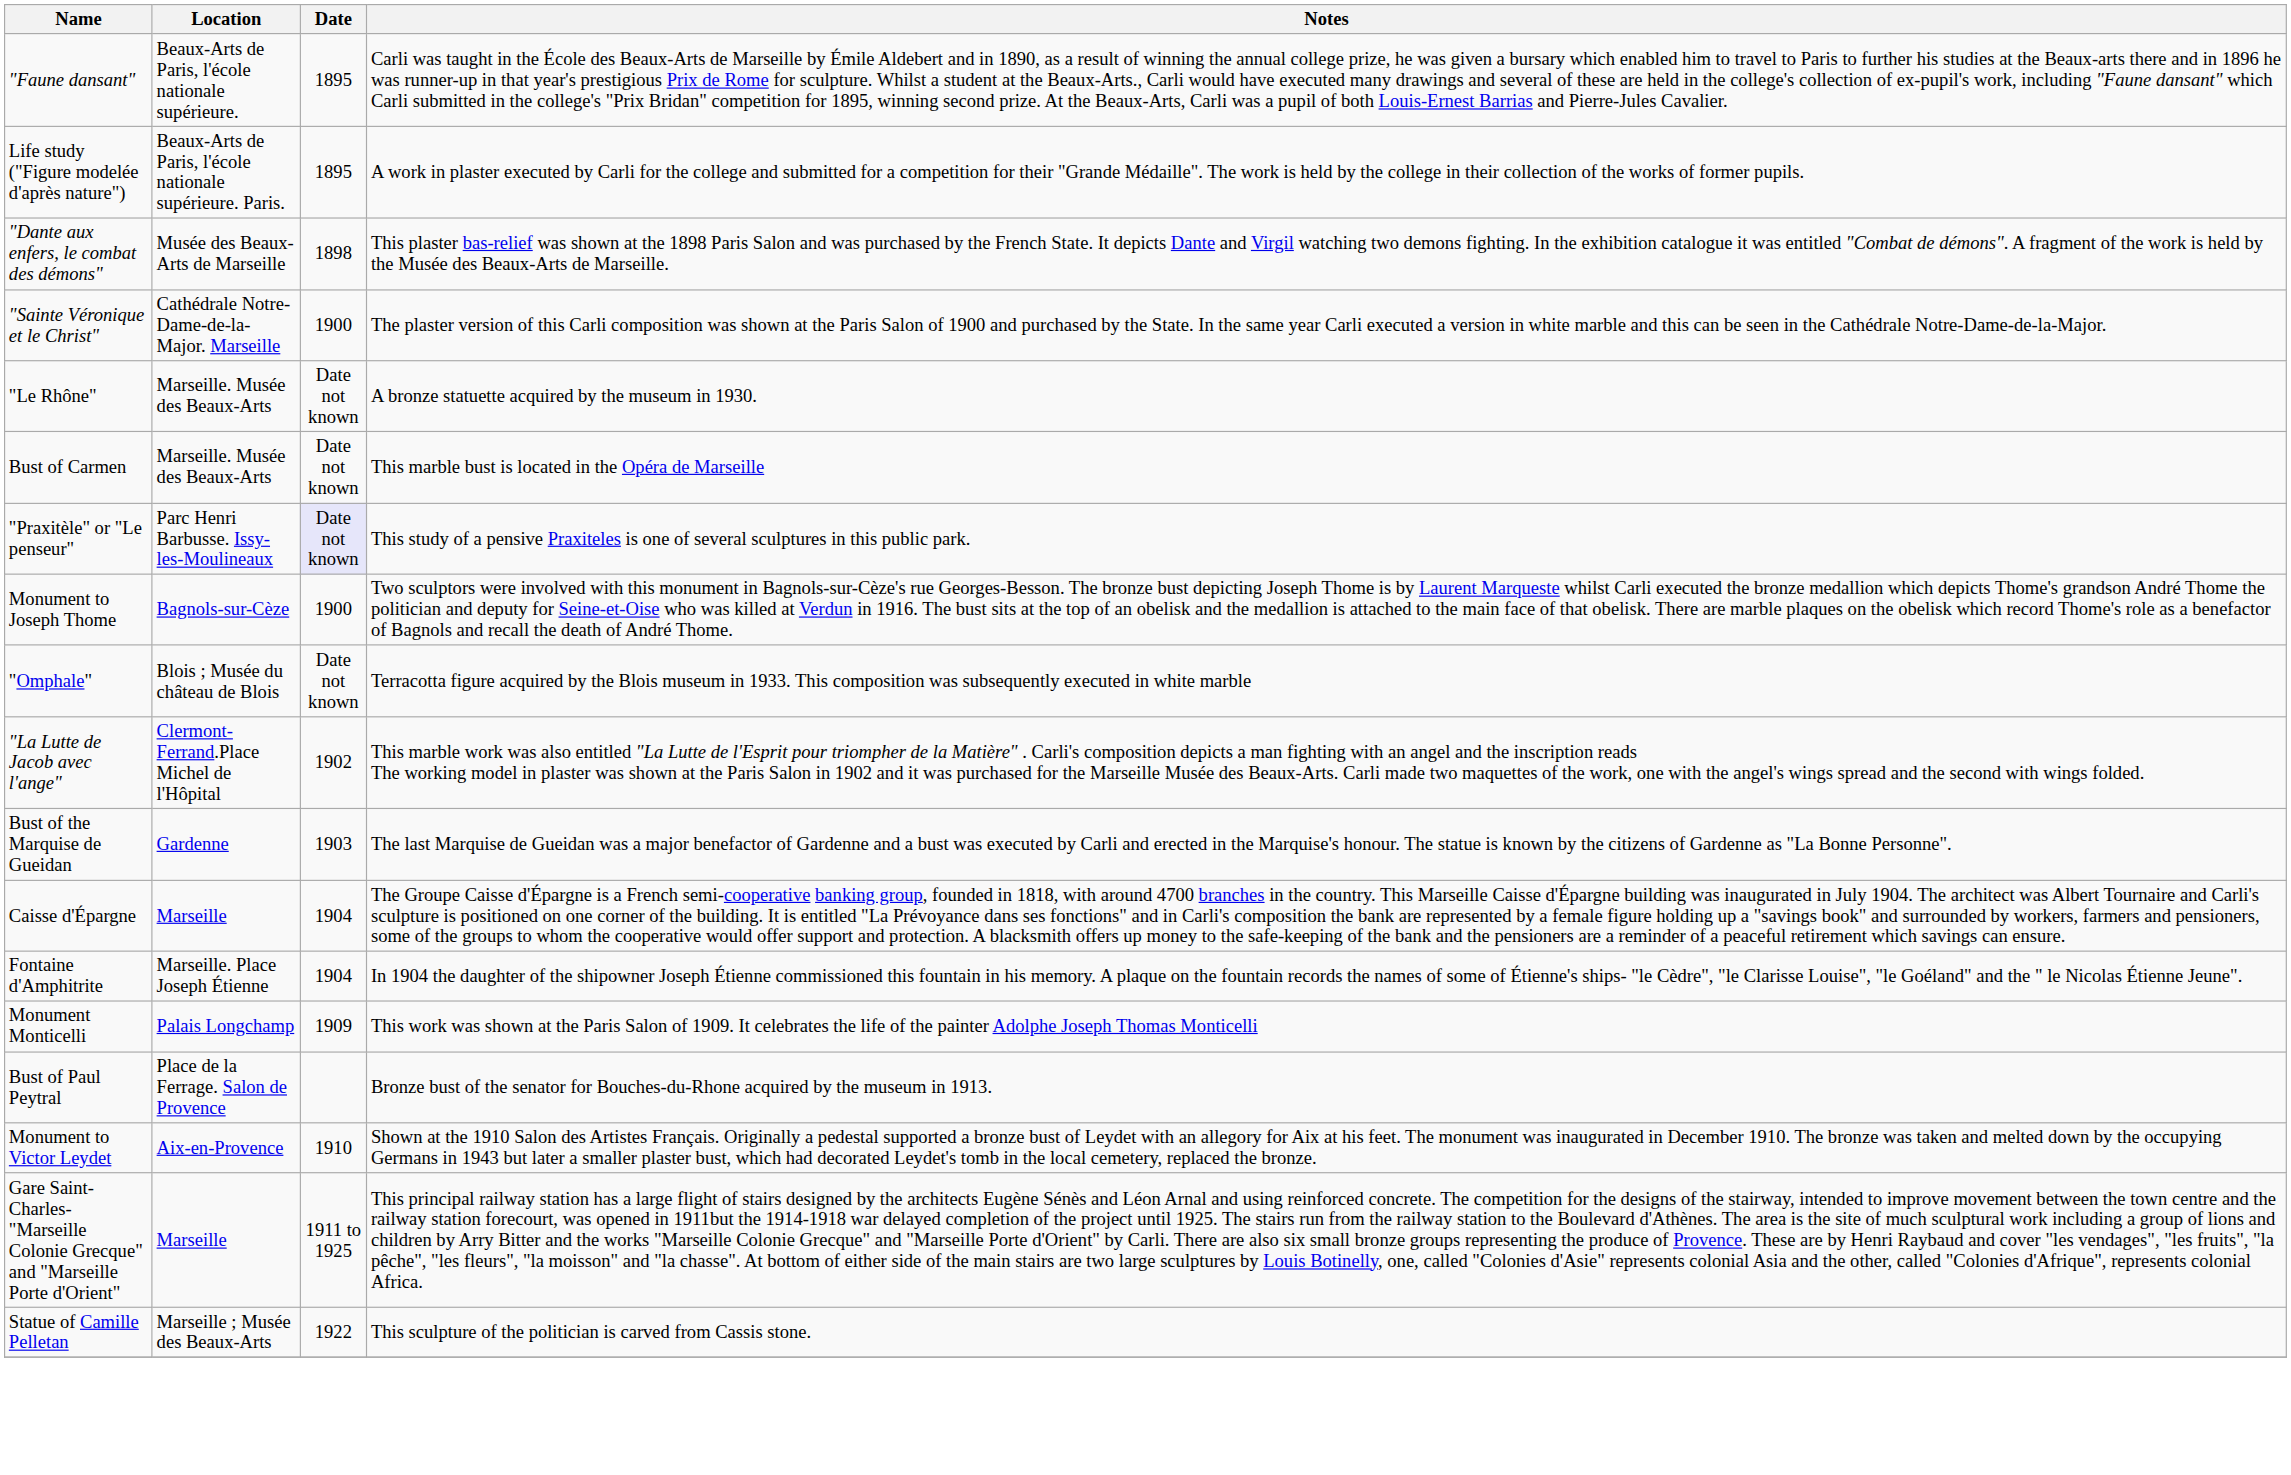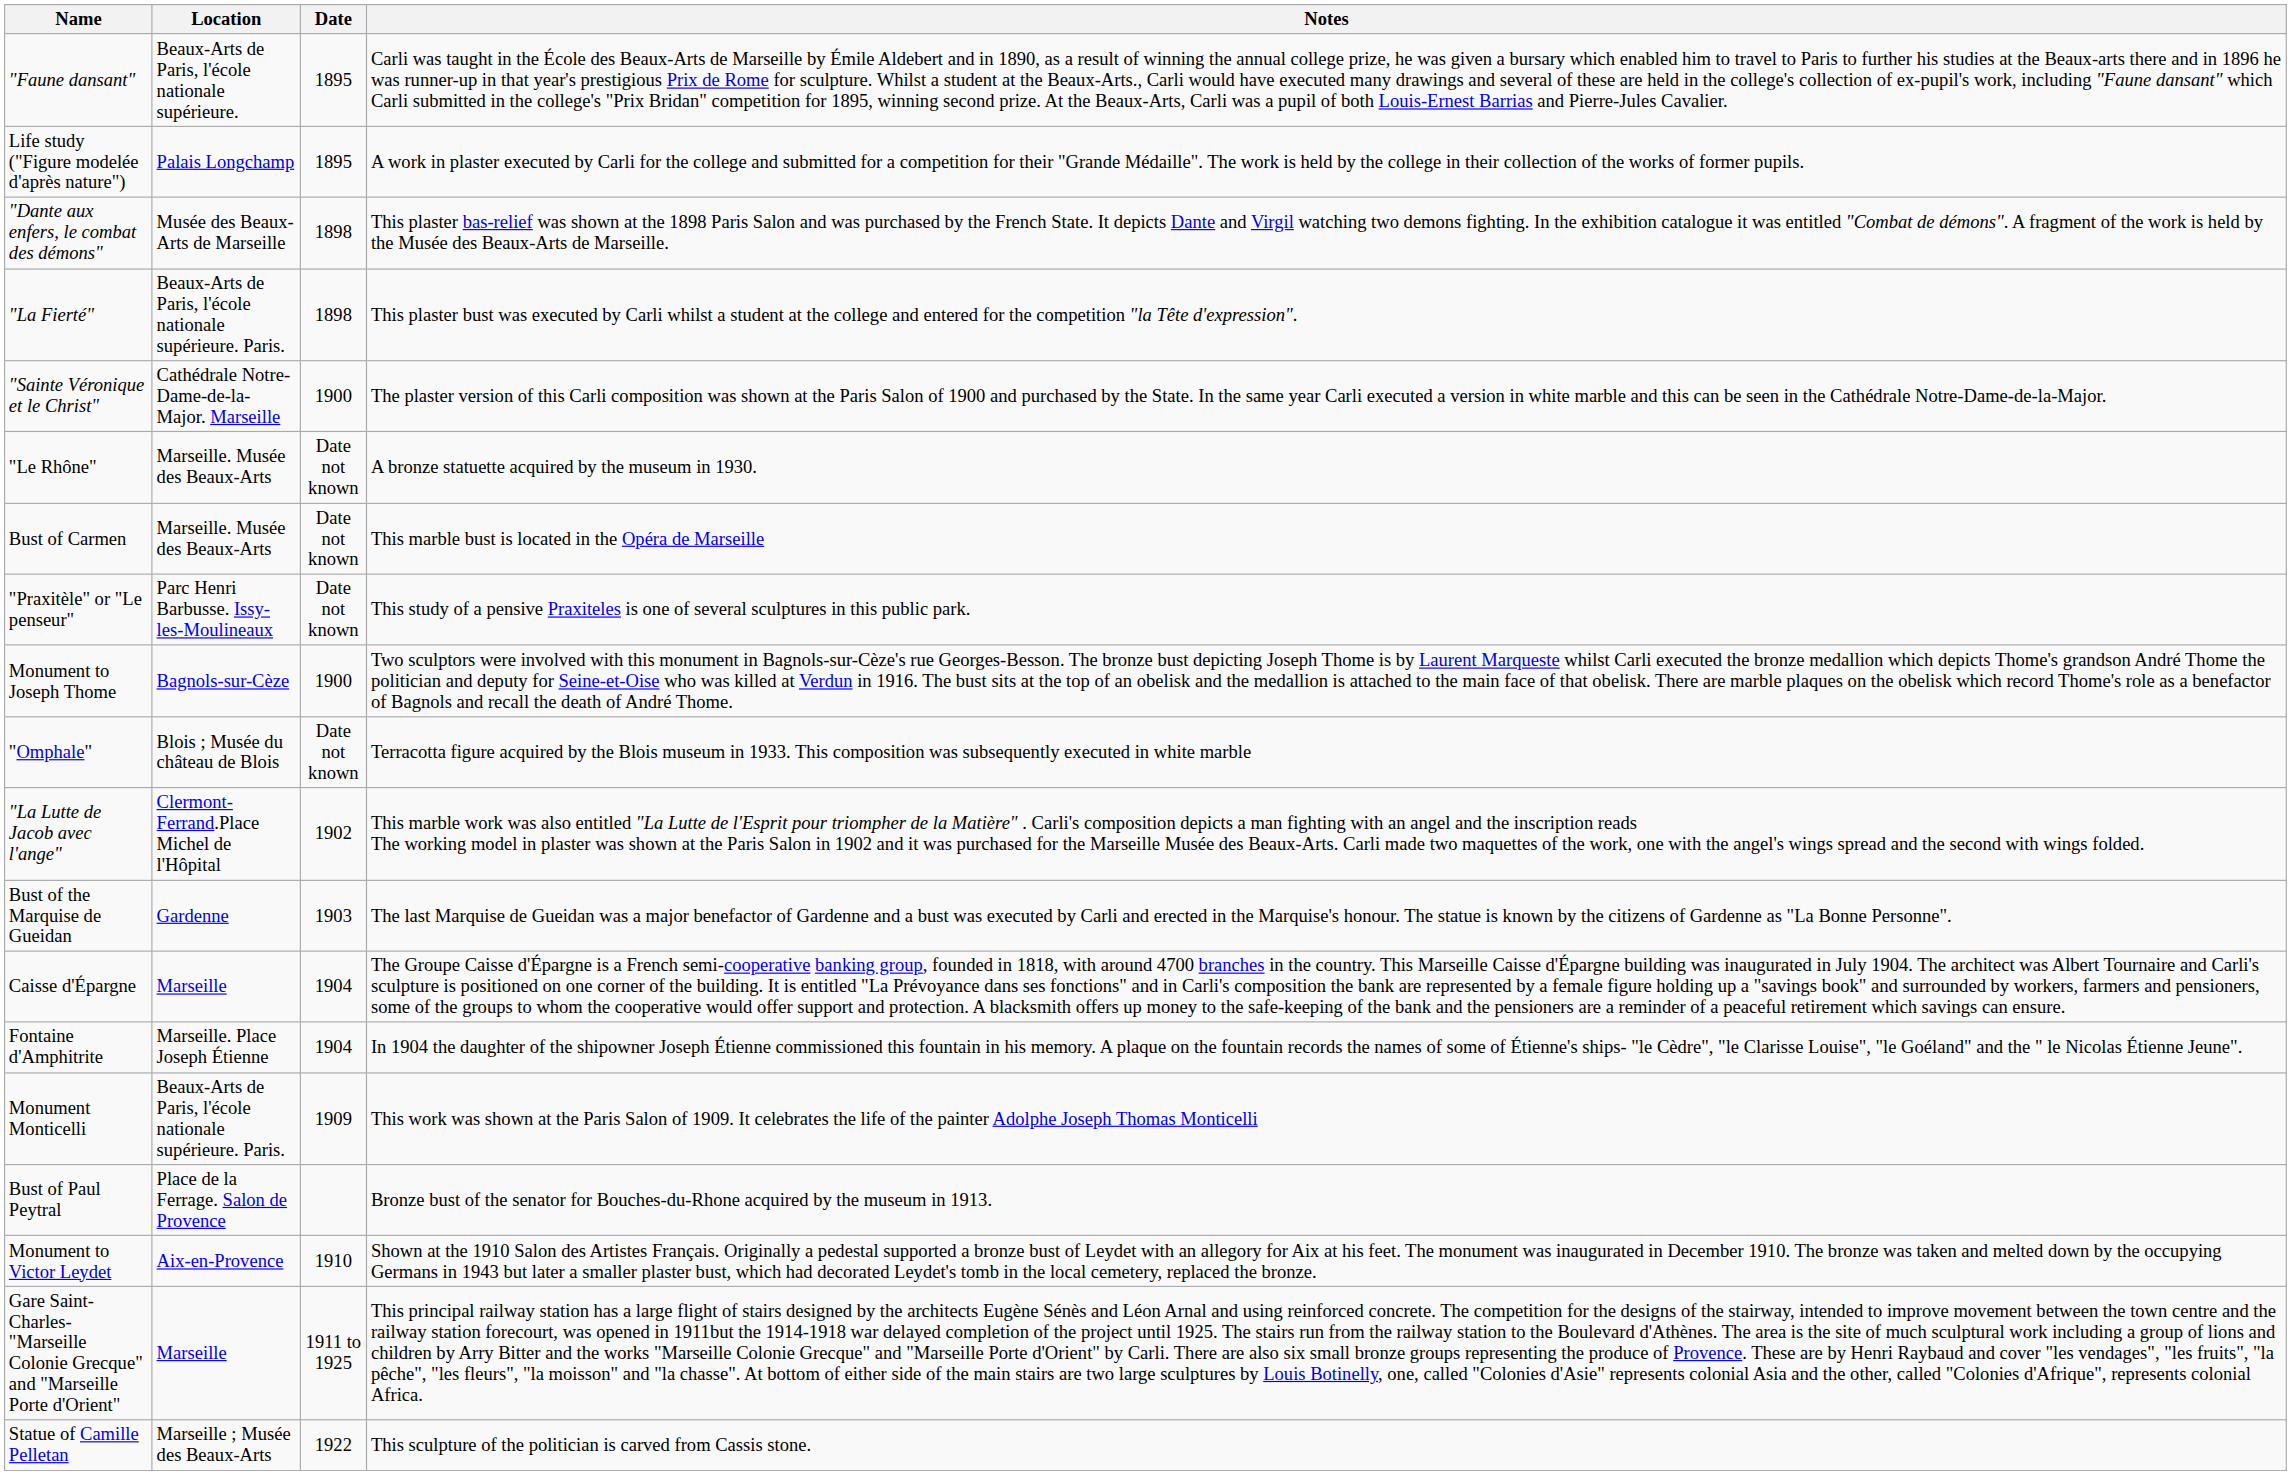 <table class="wikitable sortable plainrowheaders">
 <tr>
 <th style="width:120px">Name</th>
 <th style="width:120px">Location</th>
 <th style="width:50px">Date</th>
 <th class="unsortable">Notes</th>
 </tr>
 <tr>
 <td><em>"Faune dansant"</em></td>
 <td>Beaux-Arts de Paris, l'école nationale supérieure.</td>
 <td align="center">1895</td>
 <td>Carli was taught in the École des Beaux-Arts de Marseille by Émile Aldebert and in 1890, as a result of winning the annual college prize, he was given a bursary which enabled him to travel to Paris to further his studies at the Beaux-arts there and in 1896 he was runner-up in that year's prestigious  <a href='#'>Prix de Rome</a> for sculpture. Whilst a student at the Beaux-Arts., Carli would have executed many drawings and several of these are held in the college's collection of ex-pupil's work, including <em>"Faune dansant"</em> which Carli submitted in the college's "Prix Bridan" competition for 1895, winning second prize. At the Beaux-Arts, Carli was a pupil of both <a href='#'>Louis-Ernest Barrias</a> and Pierre-Jules Cavalier.<br></td>
 </tr>
 <tr>
 <td>Life study  ("Figure modelée d'après nature")</td>
-<td>Beaux-Arts de Paris, l'école nationale supérieure. Paris.</td>
+<td><a href='#'>Palais Longchamp</a></td>
 <td align="center">1895</td>
 <td>A work in plaster executed by Carli for the college and submitted for a competition for their "Grande Médaille".  The work is held by the college in their collection of the works of former pupils.<br></td>
 </tr>
 <tr>
 <td><em>"Dante aux enfers, le combat des démons"</em></td>
 <td>Musée des Beaux-Arts de Marseille</td>
 <td align="center">1898</td>
 <td>This plaster <a href='#'>bas-relief</a> was shown at the 1898 Paris Salon and was purchased by the French State. It depicts <a href='#'>Dante</a> and <a href='#'>Virgil</a> watching two demons fighting.  In the exhibition catalogue it was entitled <em>"Combat de démons"</em>. A fragment of the work is held by the Musée des Beaux-Arts de Marseille.<br> </td>
+</tr>
+<tr>
+<td><em>"La Fierté"</em></td>
+<td>Beaux-Arts de Paris, l'école nationale supérieure. Paris.</td>
+<td align="center">1898</td>
+<td>This plaster bust was executed by Carli whilst a student at the college and entered for the competition <em>"la Tête d'expression"</em>.<br></td>
 </tr>
 <tr>
 <td><em>"Sainte Véronique et le Christ"</em></td>
 <td>Cathédrale Notre-Dame-de-la-Major. <a href='#'>Marseille</a></td>
 <td align="center">1900</td>
 <td>The plaster version of this Carli composition was shown at the Paris Salon of 1900 and purchased by the State. In the same year Carli executed a version in white marble and this can be seen in the Cathédrale Notre-Dame-de-la-Major.<br></td>
 </tr>
 <tr>
 <td>"Le Rhône"</td>
 <td>Marseille. Musée des Beaux-Arts</td>
 <td align="center">Date not known</td>
 <td>A bronze statuette acquired by the museum in 1930.<br></td>
 </tr>
 <tr>
 <td>Bust of Carmen</td>
 <td>Marseille.  Musée des Beaux-Arts</td>
 <td align="center">Date not known</td>
 <td>This marble bust is located in the <a href='#'>Opéra de Marseille</a><br></td>
 </tr>
 <tr>
 <td>"Praxitèle" or "Le penseur"</td>
 <td>Parc Henri Barbusse. <a href='#'>Issy-les-Moulineaux</a></td>
-<td align="center" style="background: lavender;">Date not known</td>
+<td align="center">Date not known</td>
 <td>This study of a pensive <a href='#'>Praxiteles</a> is one of several sculptures in this public park.<br> </td>
 </tr>
 <tr>
 <td>Monument to Joseph Thome</td>
 <td><a href='#'>Bagnols-sur-Cèze</a></td>
 <td align="center">1900</td>
 <td>Two sculptors were involved with this monument in Bagnols-sur-Cèze's rue Georges-Besson. The bronze bust depicting Joseph Thome is by <a href='#'>Laurent Marqueste</a> whilst Carli executed the bronze medallion which depicts Thome's grandson André Thome the politician and deputy for <a href='#'>Seine-et-Oise</a>  who was killed at <a href='#'>Verdun</a> in 1916. The bust sits at the top of an obelisk and the medallion is attached to the main face of that obelisk.  There are marble plaques on the obelisk which record Thome's role as a benefactor of Bagnols and recall the death of André Thome.<br></td>
 </tr>
 <tr>
 <td>"<a href='#'>Omphale</a>"</td>
 <td>Blois ; Musée du château de Blois</td>
 <td align="center">Date not known</td>
 <td>Terracotta figure acquired by the Blois museum in 1933. This composition was subsequently executed in white marble<br></td>
 </tr>
 <tr>
 <td><em>"La Lutte de Jacob avec l'ange"</em></td>
 <td><a href='#'>Clermont-Ferrand</a>.Place Michel de l'Hôpital</td>
 <td align="center">1902</td>
 <td>This marble work was also entitled <em>"La Lutte de l'Esprit pour triompher de la Matière"</em> .  Carli's  composition depicts a man fighting with an angel and the inscription reads <br>The working model in plaster was shown at the Paris Salon in 1902 and it was purchased for the Marseille Musée des Beaux-Arts. Carli made two maquettes of the work, one with the angel's wings spread and the second with wings folded.</td>
 </tr>
 <tr>
 <td>Bust of the Marquise de Gueidan</td>
 <td><a href='#'>Gardenne</a></td>
 <td align="center">1903</td>
 <td>The last Marquise de Gueidan was a major benefactor of Gardenne and a bust was executed by Carli and erected in the Marquise's honour. The statue is known by the citizens of Gardenne as "La Bonne Personne".<br> </td>
 </tr>
 <tr>
 <td>Caisse d'Épargne</td>
 <td><a href='#'>Marseille</a></td>
 <td align="center">1904</td>
 <td>The Groupe Caisse d'Épargne is a French semi-<a href='#'>cooperative</a> <a href='#'>banking group</a>, founded in 1818, with around 4700 <a href='#'>branches</a> in the country.  This Marseille Caisse d'Épargne building was inaugurated in July 1904.  The architect was Albert Tournaire and Carli's sculpture is positioned on one corner of the building. It is entitled "La Prévoyance dans ses fonctions" and in Carli's composition the bank are represented by a female figure holding up a "savings book" and surrounded by workers, farmers and pensioners, some of the groups to whom the cooperative would offer support and protection. A blacksmith offers up money to the safe-keeping of the bank and the pensioners are a reminder of a peaceful retirement which savings can ensure.<br> </td>
 </tr>
 <tr>
 <td>Fontaine d'Amphitrite</td>
 <td>Marseille.  Place Joseph Étienne</td>
 <td align="center">1904</td>
 <td>In 1904 the daughter of the shipowner Joseph Étienne commissioned this fountain in his memory. A plaque on the fountain records the names of some of Étienne's ships- "le Cèdre", "le Clarisse Louise", "le Goéland" and the " le Nicolas Étienne Jeune".<br></td>
 </tr>
 <tr>
 <td>Monument Monticelli</td>
-<td><a href='#'>Palais Longchamp</a></td>
+<td>Beaux-Arts de Paris, l'école nationale supérieure. Paris.</td>
 <td align="center">1909</td>
 <td>This work was shown at the Paris Salon of 1909. It celebrates the life of the painter <a href='#'>Adolphe Joseph Thomas Monticelli</a><br> </td>
 </tr>
 <tr>
 <td>Bust of Paul Peytral</td>
 <td>Place de la Ferrage.  <a href='#'>Salon de Provence</a></td>
 <td align="center"></td>
 <td>Bronze bust of the senator for Bouches-du-Rhone acquired by the museum in 1913.<br></td>
 </tr>
 <tr>
 <td>Monument to <a href='#'>Victor Leydet</a></td>
 <td><a href='#'>Aix-en-Provence</a></td>
 <td align="center">1910</td>
 <td>Shown at the 1910 Salon des Artistes Français.  Originally a pedestal supported a bronze bust of Leydet with an allegory for Aix at his feet. The monument was inaugurated in December 1910. The bronze was taken and melted down by the occupying Germans in 1943 but later a smaller plaster bust, which had decorated Leydet's tomb in the local cemetery, replaced the bronze.<br>  </td>
 </tr>
 <tr>
 <td>Gare Saint-Charles- "Marseille Colonie Grecque" and  "Marseille Porte d'Orient"</td>
 <td><a href='#'>Marseille</a></td>
 <td align="center">1911 to 1925</td>
 <td>This principal railway station has a large flight of stairs designed by the architects Eugène Sénès and Léon Arnal and using reinforced concrete. The competition for the designs of the stairway, intended to improve movement between the town centre and the railway station forecourt, was opened in 1911but the 1914-1918 war delayed completion of the project until 1925.  The stairs run from the railway station to the Boulevard d'Athènes.  The area is the site of much sculptural work including a group of lions and children by Arry Bitter and the works  "Marseille Colonie Grecque" and  "Marseille Porte d'Orient" by Carli.  There are also six small bronze groups representing the produce of <a href='#'>Provence</a>.  These are by Henri Raybaud and cover "les vendages", "les fruits", "la pêche", "les fleurs", "la moisson" and  "la chasse".  At bottom of either side of the main stairs are two large sculptures by <a href='#'>Louis Botinelly</a>, one, called "Colonies d'Asie" represents colonial Asia and the other, called "Colonies d'Afrique", represents colonial Africa.<br></td>
 </tr>
 <tr>
 <td>Statue of <a href='#'>Camille Pelletan</a></td>
 <td>Marseille ; Musée des Beaux-Arts</td>
 <td align="center">1922</td>
 <td>This sculpture of the politician is carved from Cassis stone.<br></td>
 </tr>
 <tr>
 </tr>
 </table>
